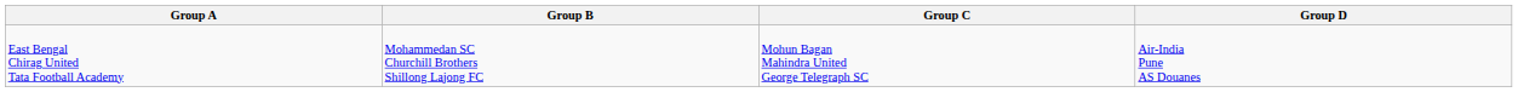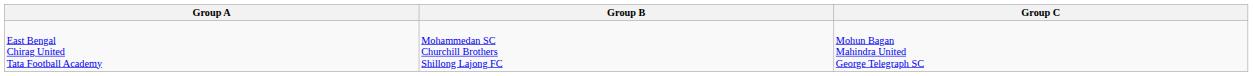 <table class="wikitable" style="width:98%;">
 <tr>
 <th width=20%>Group A</th>
 <th width=20%>Group B</th>
 <th width=20%>Group C</th>
-<th width=20%>Group D</th>
 </tr>
 <tr>
 <td><br><a href='#'>East Bengal</a> <br> <a href='#'>Chirag United</a> <br> <a href='#'>Tata Football Academy</a> <br></td>
 <td><br><a href='#'>Mohammedan SC</a> <br> <a href='#'>Churchill Brothers</a> <br> <a href='#'>Shillong Lajong FC</a> <br></td>
 <td><br><a href='#'>Mohun Bagan</a> <br> <a href='#'>Mahindra United</a> <br> <a href='#'>George Telegraph SC</a> <br></td>
-<td><br><a href='#'>Air-India</a> <br> <a href='#'>Pune</a> <br>  <a href='#'>AS Douanes</a> <br></td>
 </tr>
 </table>
